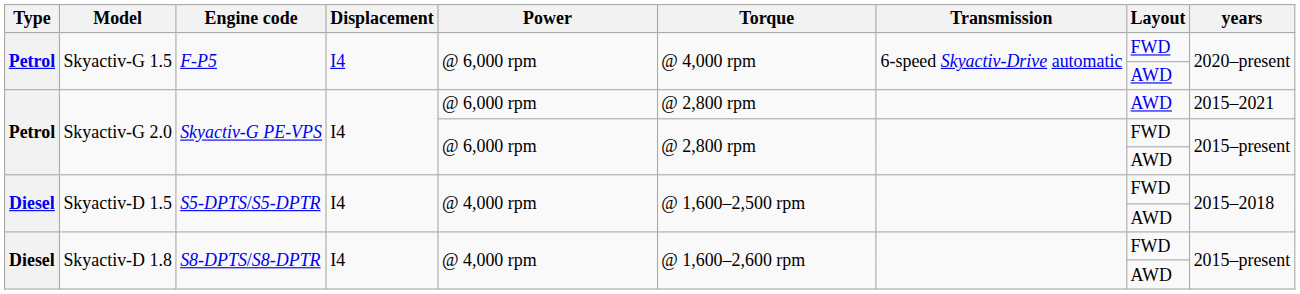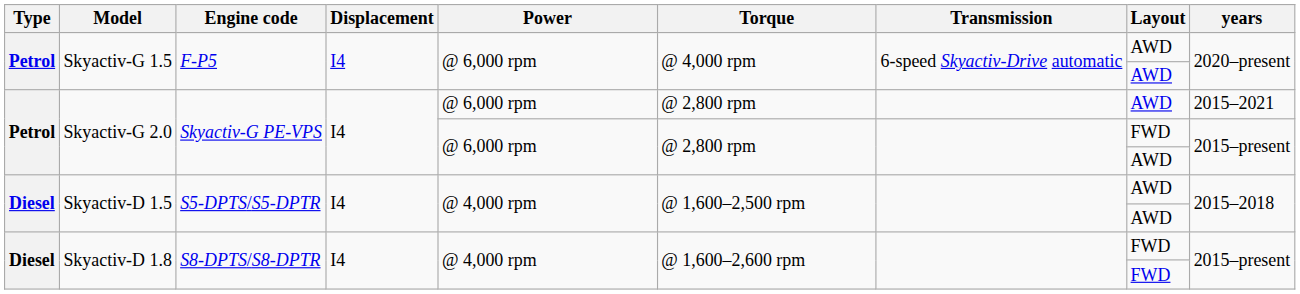 <table class="wikitable">
 <tr>
 <th>Type</th>
 <th>Model</th>
 <th>Engine code</th>
 <th>Displacement</th>
 <th width="17%">Power</th>
 <th width="17%">Torque</th>
 <th>Transmission</th>
 <th>Layout</th>
 <th> years</th>
 </tr>
 <tr>
 <th rowspan="2"><a href='#'>Petrol</a></th>
 <td rowspan="2">Skyactiv-G 1.5</td>
 <td rowspan="2"><em><a href='#'>F-P5</a></em></td>
 <td rowspan="2"> <a href='#'>I4</a></td>
 <td rowspan="2"> @ 6,000 rpm</td>
 <td rowspan="2"> @ 4,000 rpm</td>
 <td rowspan="2">6-speed <a href='#'><em>Skyactiv-Drive</em></a> <a href='#'>automatic</a></td>
-<td><a href='#'>FWD</a></td>
+<td>AWD</td>
 <td rowspan="2">2020–present</td>
 </tr>
 <tr>
 <td><a href='#'>AWD</a></td>
 </tr>
 <tr>
 <th rowspan="3">Petrol</th>
 <td rowspan="3">Skyactiv-G 2.0</td>
 <td rowspan="3"><em><a href='#'>Skyactiv-G PE-VPS</a></em></td>
 <td rowspan="3"> I4</td>
 <td> @ 6,000 rpm</td>
 <td> @ 2,800 rpm</td>
 <td></td>
 <td><a href='#'>AWD</a></td>
 <td>2015–2021</td>
 </tr>
 <tr>
 <td rowspan="2"> @ 6,000 rpm</td>
 <td rowspan="2"> @ 2,800 rpm</td>
 <td rowspan="2"></td>
 <td>FWD</td>
 <td rowspan="2">2015–present</td>
 </tr>
 <tr>
 <td>AWD</td>
 </tr>
 <tr>
 <th rowspan="2"><a href='#'>Diesel</a></th>
 <td rowspan="2">Skyactiv-D 1.5</td>
 <td rowspan="2"><a href='#'><em>S5-DPTS</em>/<em>S5-DPTR</em></a></td>
 <td rowspan="2"> I4</td>
 <td rowspan="2"> @ 4,000 rpm</td>
 <td rowspan="2"> @ 1,600–2,500 rpm</td>
 <td rowspan="2"></td>
-<td>FWD</td>
+<td>AWD</td>
 <td rowspan="2">2015–2018</td>
 </tr>
 <tr>
 <td>AWD</td>
 </tr>
 <tr>
 <th rowspan="2">Diesel</th>
 <td rowspan="2">Skyactiv-D 1.8</td>
 <td rowspan="2"><a href='#'><em>S8-DPTS</em>/<em>S8-DPTR</em></a></td>
 <td rowspan="2"> I4</td>
 <td rowspan="2"> @ 4,000 rpm</td>
 <td rowspan="2"> @ 1,600–2,600 rpm</td>
 <td rowspan="2"></td>
 <td>FWD</td>
 <td rowspan="2">2015–present</td>
 </tr>
 <tr>
-<td>AWD</td>
+<td><a href='#'>FWD</a></td>
 </tr>
 </table>
